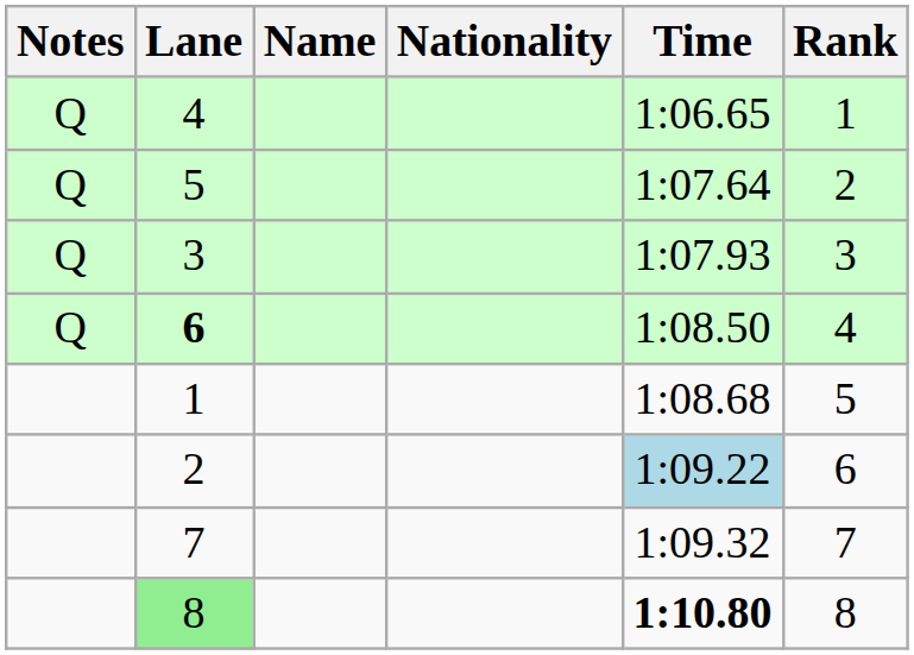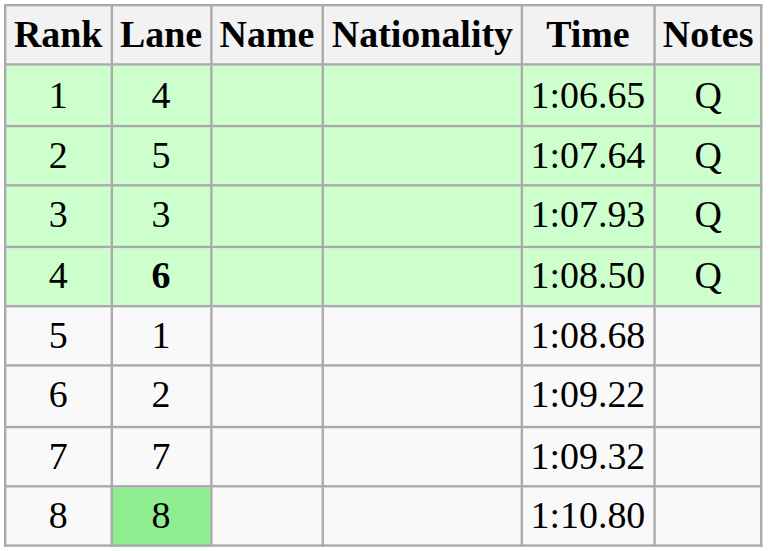 <table class="wikitable sortable" style="text-align:center">
 <tr>
-<th>Notes</th>
+<th>Rank</th>
 <th>Lane</th>
 <th>Name</th>
 <th>Nationality</th>
 <th>Time</th>
-<th>Rank</th>
+<th>Notes</th>
 </tr>
 <tr bgcolor="ccffcc">
-<td>Q</td>
+<td>1</td>
 <td>4</td>
 <td align="left"></td>
 <td align="left"></td>
 <td>1:06.65</td>
-<td>1</td>
+<td>Q</td>
 </tr>
 <tr bgcolor="ccffcc">
-<td>Q</td>
+<td>2</td>
 <td>5</td>
 <td align="left"></td>
 <td align="left"></td>
 <td>1:07.64</td>
-<td>2</td>
+<td>Q</td>
 </tr>
 <tr bgcolor="ccffcc">
-<td>Q</td>
+<td>3</td>
 <td>3</td>
 <td align="left"></td>
 <td align="left"></td>
 <td>1:07.93</td>
-<td>3</td>
+<td>Q</td>
 </tr>
 <tr bgcolor="ccffcc">
-<td>Q</td>
+<td>4</td>
 <td><strong>6</strong></td>
 <td align="left"></td>
 <td align="left"></td>
 <td>1:08.50</td>
-<td>4</td>
+<td>Q</td>
 </tr>
 <tr>
-<td></td>
+<td>5</td>
 <td>1</td>
 <td align="left"></td>
 <td align="left"></td>
 <td>1:08.68</td>
-<td>5</td>
+<td></td>
 </tr>
 <tr>
-<td></td>
+<td>6</td>
 <td>2</td>
 <td align="left"></td>
 <td align="left"></td>
-<td style="background: lightblue;">1:09.22</td>
-<td>6</td>
+<td>1:09.22</td>
+<td></td>
 </tr>
 <tr>
-<td></td>
+<td>7</td>
 <td>7</td>
 <td align="left"></td>
 <td align="left"></td>
 <td>1:09.32</td>
-<td>7</td>
+<td></td>
 </tr>
 <tr>
-<td></td>
+<td>8</td>
 <td style="background: lightgreen;">8</td>
 <td align="left"></td>
 <td align="left"></td>
-<td><strong>1:10.80</strong></td>
-<td>8</td>
+<td>1:10.80</td>
+<td></td>
 </tr>
 </table>
